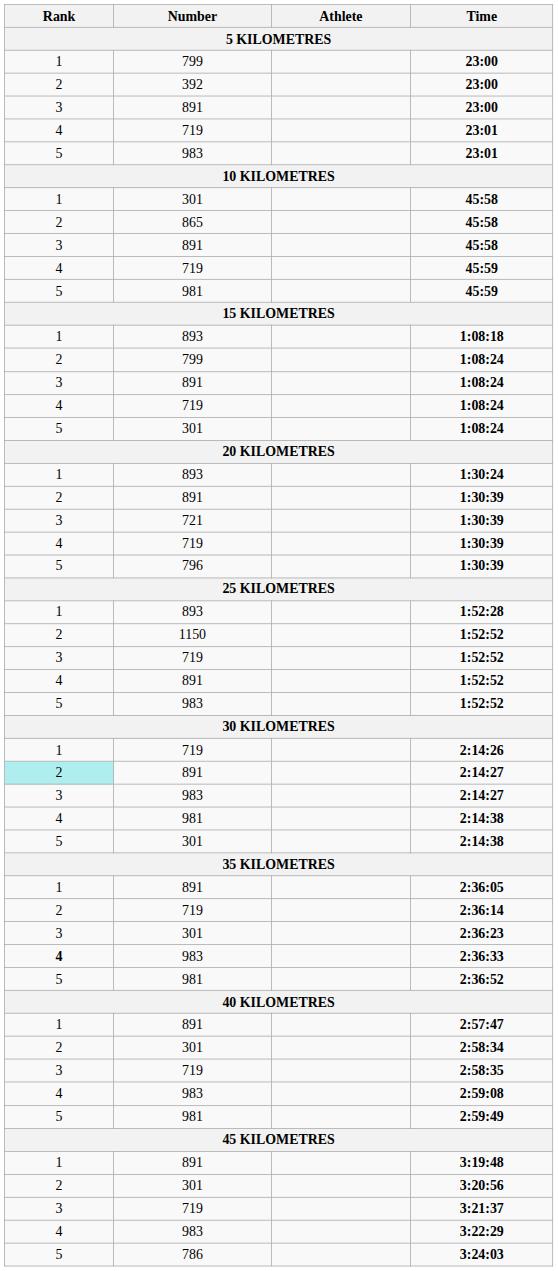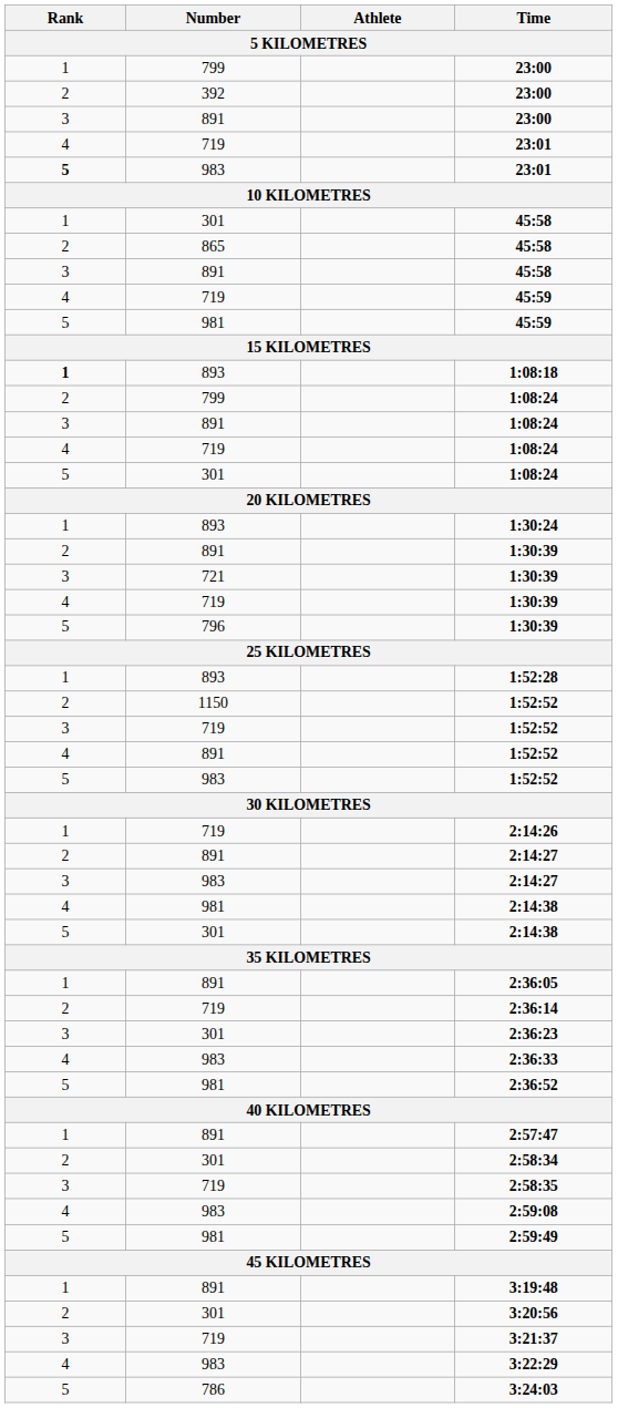 <table class="wikitable" style=" text-align:center; font-size:110%;" width="55%">
 <tr>
 <th>Rank</th>
 <th>Number</th>
 <th>Athlete</th>
 <th>Time</th>
 </tr>
 <tr>
 <th colspan="4">5 KILOMETRES</th>
 </tr>
 <tr>
 <td>1</td>
 <td>799</td>
 <td align=left></td>
 <td><strong>23:00</strong></td>
 </tr>
 <tr>
 <td>2</td>
 <td>392</td>
 <td align=left></td>
 <td><strong>23:00</strong></td>
 </tr>
 <tr>
 <td>3</td>
 <td>891</td>
 <td align=left></td>
 <td><strong>23:00</strong></td>
 </tr>
 <tr>
 <td>4</td>
 <td>719</td>
 <td align=left></td>
 <td><strong>23:01</strong></td>
 </tr>
 <tr>
-<td>5</td>
+<td><strong>5</strong></td>
 <td>983</td>
 <td align=left></td>
 <td><strong>23:01</strong></td>
 </tr>
 <tr>
 <th colspan="4">10 KILOMETRES</th>
 </tr>
 <tr>
 <td>1</td>
 <td>301</td>
 <td align=left></td>
 <td><strong>45:58</strong></td>
 </tr>
 <tr>
 <td>2</td>
 <td>865</td>
 <td align=left></td>
 <td><strong>45:58</strong></td>
 </tr>
 <tr>
 <td>3</td>
 <td>891</td>
 <td align=left></td>
 <td><strong>45:58</strong></td>
 </tr>
 <tr>
 <td>4</td>
 <td>719</td>
 <td align=left></td>
 <td><strong>45:59</strong></td>
 </tr>
 <tr>
 <td>5</td>
 <td>981</td>
 <td align=left></td>
 <td><strong>45:59</strong></td>
 </tr>
 <tr>
 <th colspan="4">15 KILOMETRES</th>
 </tr>
 <tr>
-<td>1</td>
+<td><strong>1</strong></td>
 <td>893</td>
 <td align=left></td>
 <td><strong>1:08:18</strong></td>
 </tr>
 <tr>
 <td>2</td>
 <td>799</td>
 <td align=left></td>
 <td><strong>1:08:24</strong></td>
 </tr>
 <tr>
 <td>3</td>
 <td>891</td>
 <td align=left></td>
 <td><strong>1:08:24</strong></td>
 </tr>
 <tr>
 <td>4</td>
 <td>719</td>
 <td align=left></td>
 <td><strong>1:08:24</strong></td>
 </tr>
 <tr>
 <td>5</td>
 <td>301</td>
 <td align=left></td>
 <td><strong>1:08:24</strong></td>
 </tr>
 <tr>
 <th colspan="4">20 KILOMETRES</th>
 </tr>
 <tr>
 <td>1</td>
 <td>893</td>
 <td align=left></td>
 <td><strong>1:30:24</strong></td>
 </tr>
 <tr>
 <td>2</td>
 <td>891</td>
 <td align=left></td>
 <td><strong>1:30:39</strong></td>
 </tr>
 <tr>
 <td>3</td>
 <td>721</td>
 <td align=left></td>
 <td><strong>1:30:39</strong></td>
 </tr>
 <tr>
 <td>4</td>
 <td>719</td>
 <td align=left></td>
 <td><strong>1:30:39</strong></td>
 </tr>
 <tr>
 <td>5</td>
 <td>796</td>
 <td align=left></td>
 <td><strong>1:30:39</strong></td>
 </tr>
 <tr>
 <th colspan="4">25 KILOMETRES</th>
 </tr>
 <tr>
 <td>1</td>
 <td>893</td>
 <td align=left></td>
 <td><strong>1:52:28</strong></td>
 </tr>
 <tr>
 <td>2</td>
 <td>1150</td>
 <td align=left></td>
 <td><strong>1:52:52</strong></td>
 </tr>
 <tr>
 <td>3</td>
 <td>719</td>
 <td align=left></td>
 <td><strong>1:52:52</strong></td>
 </tr>
 <tr>
 <td>4</td>
 <td>891</td>
 <td align=left></td>
 <td><strong>1:52:52</strong></td>
 </tr>
 <tr>
 <td>5</td>
 <td>983</td>
 <td align=left></td>
 <td><strong>1:52:52</strong></td>
 </tr>
 <tr>
 <th colspan="4">30 KILOMETRES</th>
 </tr>
 <tr>
 <td>1</td>
 <td>719</td>
 <td align=left></td>
 <td><strong>2:14:26</strong></td>
 </tr>
 <tr>
-<td style="background: paleturquoise;">2</td>
+<td>2</td>
 <td>891</td>
 <td align=left></td>
 <td><strong>2:14:27</strong></td>
 </tr>
 <tr>
 <td>3</td>
 <td>983</td>
 <td align=left></td>
 <td><strong>2:14:27</strong></td>
 </tr>
 <tr>
 <td>4</td>
 <td>981</td>
 <td align=left></td>
 <td><strong>2:14:38</strong></td>
 </tr>
 <tr>
 <td>5</td>
 <td>301</td>
 <td align=left></td>
 <td><strong>2:14:38</strong></td>
 </tr>
 <tr>
 <th colspan="4">35 KILOMETRES</th>
 </tr>
 <tr>
 <td>1</td>
 <td>891</td>
 <td align=left></td>
 <td><strong>2:36:05</strong></td>
 </tr>
 <tr>
 <td>2</td>
 <td>719</td>
 <td align=left></td>
 <td><strong>2:36:14</strong></td>
 </tr>
 <tr>
 <td>3</td>
 <td>301</td>
 <td align=left></td>
 <td><strong>2:36:23</strong></td>
 </tr>
 <tr>
-<td><strong>4</strong></td>
+<td>4</td>
 <td>983</td>
 <td align=left></td>
 <td><strong>2:36:33</strong></td>
 </tr>
 <tr>
 <td>5</td>
 <td>981</td>
 <td align=left></td>
 <td><strong>2:36:52</strong></td>
 </tr>
 <tr>
 <th colspan="4">40 KILOMETRES</th>
 </tr>
 <tr>
 <td>1</td>
 <td>891</td>
 <td align=left></td>
 <td><strong>2:57:47</strong></td>
 </tr>
 <tr>
 <td>2</td>
 <td>301</td>
 <td align=left></td>
 <td><strong>2:58:34</strong></td>
 </tr>
 <tr>
 <td>3</td>
 <td>719</td>
 <td align=left></td>
 <td><strong>2:58:35</strong></td>
 </tr>
 <tr>
 <td>4</td>
 <td>983</td>
 <td align=left></td>
 <td><strong>2:59:08</strong></td>
 </tr>
 <tr>
 <td>5</td>
 <td>981</td>
 <td align=left></td>
 <td><strong>2:59:49</strong></td>
 </tr>
 <tr>
 <th colspan="4">45 KILOMETRES</th>
 </tr>
 <tr>
 <td>1</td>
 <td>891</td>
 <td align=left></td>
 <td><strong>3:19:48</strong></td>
 </tr>
 <tr>
 <td>2</td>
 <td>301</td>
 <td align=left></td>
 <td><strong>3:20:56</strong></td>
 </tr>
 <tr>
 <td>3</td>
 <td>719</td>
 <td align=left></td>
 <td><strong>3:21:37</strong></td>
 </tr>
 <tr>
 <td>4</td>
 <td>983</td>
 <td align=left></td>
 <td><strong>3:22:29</strong></td>
 </tr>
 <tr>
 <td>5</td>
 <td>786</td>
 <td align=left></td>
 <td><strong>3:24:03</strong></td>
 </tr>
 </table>
